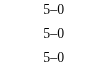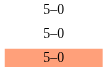 <table style="font-size:90%">
 <tr>
 <th width="150"></th>
 <th width="100"></th>
 <th width="150"></th>
 </tr>
 <tr>
 <td align="right"><strong></strong></td>
 <td align="center">5–0</td>
 <td></td>
 </tr>
 <tr>
 <td></td>
 <td></td>
 <td></td>
 </tr>
 <tr>
 <td align="right"><strong></strong></td>
 <td align="center">5–0</td>
 <td></td>
 </tr>
 <tr>
 <td></td>
 <td></td>
 <td></td>
 </tr>
 <tr>
 <td align="right"><strong></strong></td>
-<td align="center">5–0</td>
+<td align="center" style="background: lightsalmon;">5–0</td>
 <td></td>
 </tr>
 <tr>
 <td></td>
 <td></td>
 <td></td>
 </tr>
 <tr>
 <td></td>
 <td></td>
 <td></td>
 </tr>
 <tr>
 </tr>
 </table>
